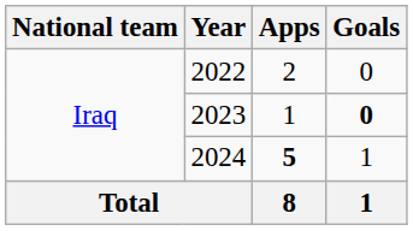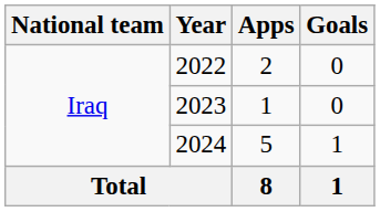 <table class=wikitable style=text-align:center>
 <tr>
 <th>National team</th>
 <th>Year</th>
 <th>Apps</th>
 <th>Goals</th>
 </tr>
 <tr>
 <td rowspan="3"><a href='#'>Iraq</a></td>
 <td>2022</td>
 <td>2</td>
 <td>0</td>
 </tr>
 <tr>
 <td>2023</td>
 <td>1</td>
-<td><strong>0</strong></td>
+<td>0</td>
 </tr>
 <tr>
 <td>2024</td>
-<td><strong>5</strong></td>
+<td>5</td>
 <td>1</td>
 </tr>
 <tr>
 <th colspan="2">Total</th>
 <th>8</th>
 <th>1</th>
 </tr>
 </table>
